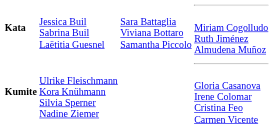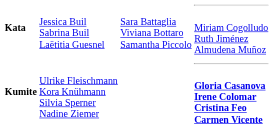 <table>
 <tr>
 <td><strong>Kata</strong></td>
 <td><br><a href='#'>Jessica Buil</a><br><a href='#'>Sabrina Buil</a><br><a href='#'>Laëtitia Guesnel</a></td>
 <td><br><a href='#'>Sara Battaglia</a><br><a href='#'>Viviana Bottaro</a><br><a href='#'>Samantha Piccolo</a></td>
 <td><hr><br><a href='#'>Miriam Cogolludo</a><br><a href='#'>Ruth Jiménez</a><br><a href='#'>Almudena Muñoz</a></td>
 </tr>
 <tr>
 <td><strong>Kumite</strong></td>
 <td><br><a href='#'>Ulrike Fleischmann</a><br><a href='#'>Kora Knühmann</a><br><a href='#'>Silvia Sperner</a><br><a href='#'>Nadine Ziemer</a></td>
 <td></td>
-<td><hr><br><a href='#'>Gloria Casanova</a><br><a href='#'>Irene Colomar</a><br><a href='#'>Cristina Feo</a><br><a href='#'>Carmen Vicente</a></td>
+<td><strong><hr><br><a href='#'>Gloria Casanova</a><br><a href='#'>Irene Colomar</a><br><a href='#'>Cristina Feo</a><br><a href='#'>Carmen Vicente</a></strong></td>
 </tr>
 </table>
